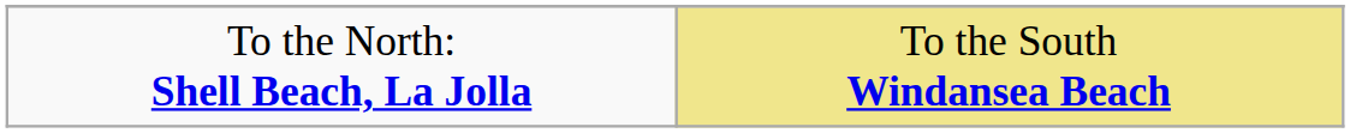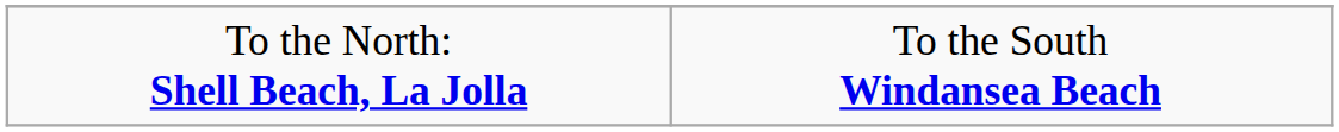 <table class="wikitable" style="margin: 0.5em auto; clear: both; font-size:95%;">
 <tr style="text-align: center;">
 </tr>
 <tr style="text-align: center;">
 <td width="30%" align="center" rowspan="1">To the North:<br><strong><a href='#'>Shell Beach, La Jolla</a></strong><br></td>
-<td width="30%" align="center" rowspan="1" style="background: khaki;">To the South<br><strong><a href='#'>Windansea Beach</a></strong></td>
+<td width="30%" align="center" rowspan="1">To the South<br><strong><a href='#'>Windansea Beach</a></strong></td>
 </tr>
 </table>
